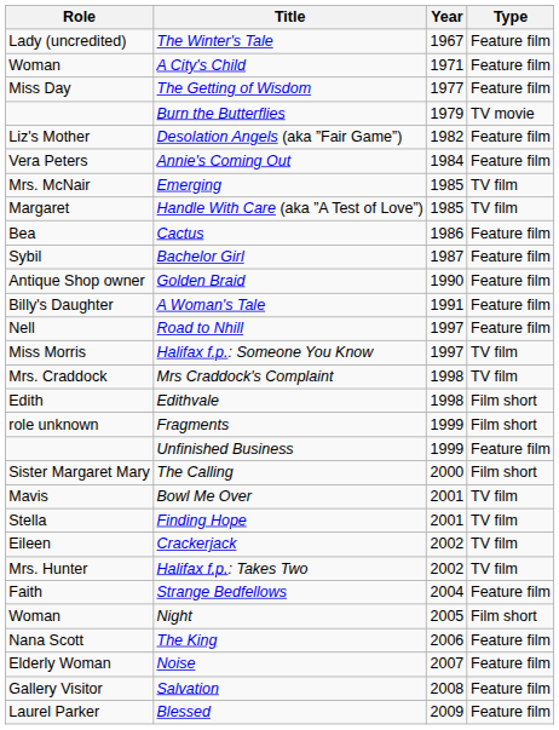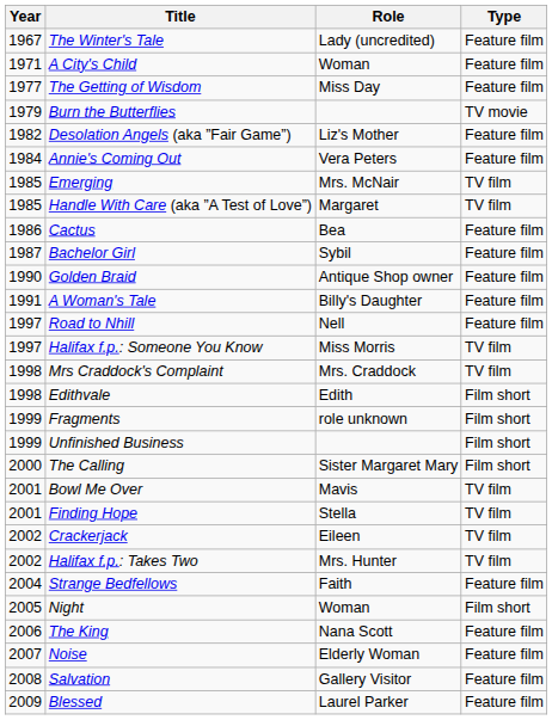 <table class="wikitable">
 <tr>
+<th>Year</th>
+<th>Title</th>
 <th>Role</th>
-<th>Title</th>
-<th>Year</th>
 <th>Type</th>
 </tr>
 <tr>
+<td>1967</td>
+<td><em><a href='#'>The Winter's Tale</a></em></td>
 <td>Lady (uncredited)</td>
-<td><em><a href='#'>The Winter's Tale</a></em></td>
-<td>1967</td>
 <td>Feature film</td>
 </tr>
 <tr>
+<td>1971</td>
+<td><em><a href='#'>A City's Child</a></em></td>
 <td>Woman</td>
-<td><em><a href='#'>A City's Child</a></em></td>
-<td>1971</td>
 <td>Feature film</td>
 </tr>
 <tr>
+<td>1977</td>
+<td><em><a href='#'>The Getting of Wisdom</a></em></td>
 <td>Miss Day</td>
-<td><em><a href='#'>The Getting of Wisdom</a></em></td>
-<td>1977</td>
 <td>Feature film</td>
 </tr>
 <tr>
+<td>1979</td>
+<td><em><a href='#'>Burn the Butterflies</a></em></td>
 <td></td>
-<td><em><a href='#'>Burn the Butterflies</a></em></td>
-<td>1979</td>
 <td>TV movie</td>
 </tr>
 <tr>
+<td>1982</td>
+<td><em><a href='#'>Desolation Angels</a></em> (aka ”Fair Game”)</td>
 <td>Liz's Mother</td>
-<td><em><a href='#'>Desolation Angels</a></em> (aka ”Fair Game”)</td>
-<td>1982</td>
 <td>Feature film</td>
 </tr>
 <tr>
+<td>1984</td>
+<td><em><a href='#'>Annie's Coming Out</a></em></td>
 <td>Vera Peters</td>
-<td><em><a href='#'>Annie's Coming Out</a></em></td>
-<td>1984</td>
 <td>Feature film</td>
 </tr>
 <tr>
+<td>1985</td>
+<td><em><a href='#'>Emerging</a></em></td>
 <td>Mrs. McNair</td>
-<td><em><a href='#'>Emerging</a></em></td>
-<td>1985</td>
 <td>TV film</td>
 </tr>
 <tr>
+<td>1985</td>
+<td><em><a href='#'>Handle With Care</a></em> (aka ”A Test of Love”)</td>
 <td>Margaret</td>
-<td><em><a href='#'>Handle With Care</a></em> (aka ”A Test of Love”)</td>
-<td>1985</td>
 <td>TV film</td>
 </tr>
 <tr>
+<td>1986</td>
+<td><em><a href='#'>Cactus</a></em></td>
 <td>Bea</td>
-<td><em><a href='#'>Cactus</a></em></td>
-<td>1986</td>
 <td>Feature film</td>
 </tr>
 <tr>
+<td>1987</td>
+<td><em><a href='#'>Bachelor Girl</a></em></td>
 <td>Sybil</td>
-<td><em><a href='#'>Bachelor Girl</a></em></td>
-<td>1987</td>
 <td>Feature film</td>
 </tr>
 <tr>
+<td>1990</td>
+<td><em><a href='#'>Golden Braid</a></em></td>
 <td>Antique Shop owner</td>
-<td><em><a href='#'>Golden Braid</a></em></td>
-<td>1990</td>
 <td>Feature film</td>
 </tr>
 <tr>
+<td>1991</td>
+<td><em><a href='#'>A Woman's Tale</a></em></td>
 <td>Billy's Daughter</td>
-<td><em><a href='#'>A Woman's Tale</a></em></td>
-<td>1991</td>
 <td>Feature film</td>
 </tr>
 <tr>
+<td>1997</td>
+<td><em><a href='#'>Road to Nhill</a></em></td>
 <td>Nell</td>
-<td><em><a href='#'>Road to Nhill</a></em></td>
-<td>1997</td>
 <td>Feature film</td>
 </tr>
 <tr>
+<td>1997</td>
+<td><em><a href='#'>Halifax f.p.</a>: Someone You Know</em></td>
 <td>Miss Morris</td>
-<td><em><a href='#'>Halifax f.p.</a>: Someone You Know</em></td>
-<td>1997</td>
 <td>TV film</td>
 </tr>
 <tr>
+<td>1998</td>
+<td><em>Mrs Craddock's Complaint</em></td>
 <td>Mrs. Craddock</td>
-<td><em>Mrs Craddock's Complaint</em></td>
-<td>1998</td>
 <td>TV film</td>
 </tr>
 <tr>
+<td>1998</td>
+<td><em>Edithvale</em></td>
 <td>Edith</td>
-<td><em>Edithvale</em></td>
-<td>1998</td>
 <td>Film short</td>
 </tr>
 <tr>
+<td>1999</td>
+<td><em>Fragments</em></td>
 <td>role unknown</td>
-<td><em>Fragments</em></td>
-<td>1999</td>
 <td>Film short</td>
 </tr>
 <tr>
+<td>1999</td>
+<td><em>Unfinished Business</em></td>
 <td></td>
-<td><em>Unfinished Business</em></td>
-<td>1999</td>
+<td>Film short</td>
+</tr>
+<tr>
+<td>2000</td>
+<td><em>The Calling</em></td>
+<td>Sister Margaret Mary</td>
+<td>Film short</td>
+</tr>
+<tr>
+<td>2001</td>
+<td><em>Bowl Me Over</em></td>
+<td>Mavis</td>
+<td>TV film</td>
+</tr>
+<tr>
+<td>2001</td>
+<td><em><a href='#'>Finding Hope</a></em></td>
+<td>Stella</td>
+<td>TV film</td>
+</tr>
+<tr>
+<td>2002</td>
+<td><em><a href='#'>Crackerjack</a></em></td>
+<td>Eileen</td>
+<td>TV film</td>
+</tr>
+<tr>
+<td>2002</td>
+<td><em><a href='#'>Halifax f.p.</a>: Takes Two</em></td>
+<td>Mrs. Hunter</td>
+<td>TV film</td>
+</tr>
+<tr>
+<td>2004</td>
+<td><em><a href='#'>Strange Bedfellows</a></em></td>
+<td>Faith</td>
 <td>Feature film</td>
 </tr>
 <tr>
-<td>Sister Margaret Mary</td>
-<td><em>The Calling</em></td>
-<td>2000</td>
+<td>2005</td>
+<td><em>Night</em></td>
+<td>Woman</td>
 <td>Film short</td>
 </tr>
 <tr>
-<td>Mavis</td>
-<td><em>Bowl Me Over</em></td>
-<td>2001</td>
-<td>TV film</td>
-</tr>
-<tr>
-<td>Stella</td>
-<td><em><a href='#'>Finding Hope</a></em></td>
-<td>2001</td>
-<td>TV film</td>
-</tr>
-<tr>
-<td>Eileen</td>
-<td><em><a href='#'>Crackerjack</a></em></td>
-<td>2002</td>
-<td>TV film</td>
-</tr>
-<tr>
-<td>Mrs. Hunter</td>
-<td><em><a href='#'>Halifax f.p.</a>: Takes Two</em></td>
-<td>2002</td>
-<td>TV film</td>
-</tr>
-<tr>
-<td>Faith</td>
-<td><em><a href='#'>Strange Bedfellows</a></em></td>
-<td>2004</td>
+<td>2006</td>
+<td><em><a href='#'>The King</a></em></td>
+<td>Nana Scott</td>
 <td>Feature film</td>
 </tr>
 <tr>
-<td>Woman</td>
-<td><em>Night</em></td>
-<td>2005</td>
-<td>Film short</td>
-</tr>
-<tr>
-<td>Nana Scott</td>
-<td><em><a href='#'>The King</a></em></td>
-<td>2006</td>
+<td>2007</td>
+<td><em><a href='#'>Noise</a></em></td>
+<td>Elderly Woman</td>
 <td>Feature film</td>
 </tr>
 <tr>
-<td>Elderly Woman</td>
-<td><em><a href='#'>Noise</a></em></td>
-<td>2007</td>
+<td>2008</td>
+<td><em><a href='#'>Salvation</a></em></td>
+<td>Gallery Visitor</td>
 <td>Feature film</td>
 </tr>
 <tr>
-<td>Gallery Visitor</td>
-<td><em><a href='#'>Salvation</a></em></td>
-<td>2008</td>
-<td>Feature film</td>
-</tr>
-<tr>
+<td>2009</td>
+<td><em><a href='#'>Blessed</a></em></td>
 <td>Laurel Parker</td>
-<td><em><a href='#'>Blessed</a></em></td>
-<td>2009</td>
 <td>Feature film</td>
 </tr>
 </table>
